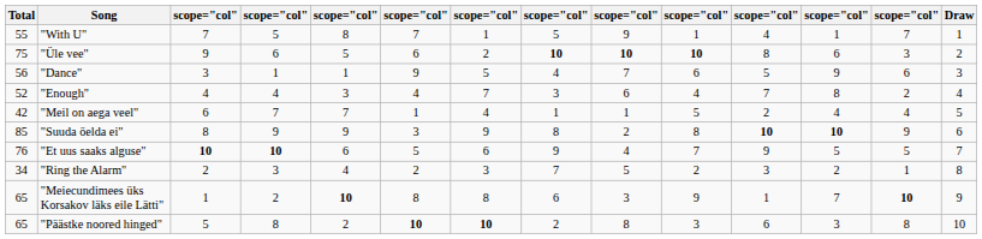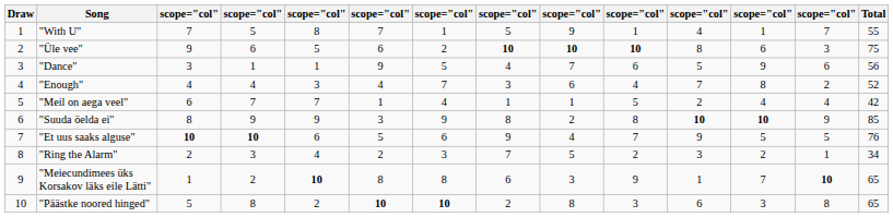 <table class="wikitable collapsible" style="margin: 1em auto 1em auto; text-align:center;">
 <tr>
-<th>Total</th>
+<th>Draw</th>
 <th>Song</th>
 <th>scope="col" </th>
 <th>scope="col" </th>
 <th>scope="col" </th>
 <th>scope="col" </th>
 <th>scope="col" </th>
 <th>scope="col" </th>
 <th>scope="col" </th>
 <th>scope="col" </th>
 <th>scope="col" </th>
 <th>scope="col" </th>
 <th>scope="col" </th>
-<th>Draw</th>
+<th>Total</th>
 </tr>
 <tr>
-<td>55</td>
+<td>1</td>
 <td align="left">"With U"</td>
 <td>7</td>
 <td>5</td>
 <td>8</td>
 <td>7</td>
 <td>1</td>
 <td>5</td>
 <td>9</td>
 <td>1</td>
 <td>4</td>
 <td>1</td>
 <td>7</td>
-<td>1</td>
+<td>55</td>
 </tr>
 <tr>
-<td>75</td>
+<td>2</td>
 <td align="left">"Üle vee"</td>
 <td>9</td>
 <td>6</td>
 <td>5</td>
 <td>6</td>
 <td>2</td>
 <td><strong>10</strong></td>
 <td><strong>10</strong></td>
 <td><strong>10</strong></td>
 <td>8</td>
 <td>6</td>
 <td>3</td>
-<td>2</td>
+<td>75</td>
 </tr>
 <tr>
-<td>56</td>
+<td>3</td>
 <td align="left">"Dance"</td>
 <td>3</td>
 <td>1</td>
 <td>1</td>
 <td>9</td>
 <td>5</td>
 <td>4</td>
 <td>7</td>
 <td>6</td>
 <td>5</td>
 <td>9</td>
 <td>6</td>
-<td>3</td>
+<td>56</td>
 </tr>
 <tr>
-<td>52</td>
+<td>4</td>
 <td align="left">"Enough"</td>
 <td>4</td>
 <td>4</td>
 <td>3</td>
 <td>4</td>
 <td>7</td>
 <td>3</td>
 <td>6</td>
 <td>4</td>
 <td>7</td>
 <td>8</td>
 <td>2</td>
-<td>4</td>
+<td>52</td>
 </tr>
 <tr>
-<td>42</td>
+<td>5</td>
 <td align="left">"Meil on aega veel"</td>
 <td>6</td>
 <td>7</td>
 <td>7</td>
 <td>1</td>
 <td>4</td>
 <td>1</td>
 <td>1</td>
 <td>5</td>
 <td>2</td>
 <td>4</td>
 <td>4</td>
-<td>5</td>
+<td>42</td>
 </tr>
 <tr>
-<td>85</td>
+<td>6</td>
 <td align="left">"Suuda öelda ei"</td>
 <td>8</td>
 <td>9</td>
 <td>9</td>
 <td>3</td>
 <td>9</td>
 <td>8</td>
 <td>2</td>
 <td>8</td>
 <td><strong>10</strong></td>
 <td><strong>10</strong></td>
 <td>9</td>
-<td>6</td>
+<td>85</td>
 </tr>
 <tr>
-<td>76</td>
+<td>7</td>
 <td align="left">"Et uus saaks alguse"</td>
 <td><strong>10</strong></td>
 <td><strong>10</strong></td>
 <td>6</td>
 <td>5</td>
 <td>6</td>
 <td>9</td>
 <td>4</td>
 <td>7</td>
 <td>9</td>
 <td>5</td>
 <td>5</td>
-<td>7</td>
+<td>76</td>
 </tr>
 <tr>
-<td>34</td>
+<td>8</td>
 <td align="left">"Ring the Alarm"</td>
 <td>2</td>
 <td>3</td>
 <td>4</td>
 <td>2</td>
 <td>3</td>
 <td>7</td>
 <td>5</td>
 <td>2</td>
 <td>3</td>
 <td>2</td>
 <td>1</td>
-<td>8</td>
+<td>34</td>
 </tr>
 <tr>
-<td>65</td>
+<td>9</td>
 <td align="left">"Meiecundimees üks Korsakov läks eile Lätti"</td>
 <td>1</td>
 <td>2</td>
 <td><strong>10</strong></td>
 <td>8</td>
 <td>8</td>
 <td>6</td>
 <td>3</td>
 <td>9</td>
 <td>1</td>
 <td>7</td>
 <td><strong>10</strong></td>
-<td>9</td>
+<td>65</td>
 </tr>
 <tr>
-<td>65</td>
+<td>10</td>
 <td align="left">"Päästke noored hinged"</td>
 <td>5</td>
 <td>8</td>
 <td>2</td>
 <td><strong>10</strong></td>
 <td><strong>10</strong></td>
 <td>2</td>
 <td>8</td>
 <td>3</td>
 <td>6</td>
 <td>3</td>
 <td>8</td>
-<td>10</td>
+<td>65</td>
 </tr>
 </table>
